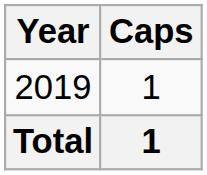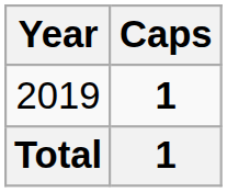 <table class="wikitable" style="text-align: center;">
 <tr>
 <th>Year</th>
 <th>Caps</th>
 </tr>
 <tr>
 <td>2019</td>
-<td>1</td>
+<td><strong>1</strong></td>
 </tr>
 <tr>
 <th>Total</th>
 <th>1</th>
 </tr>
 </table>
